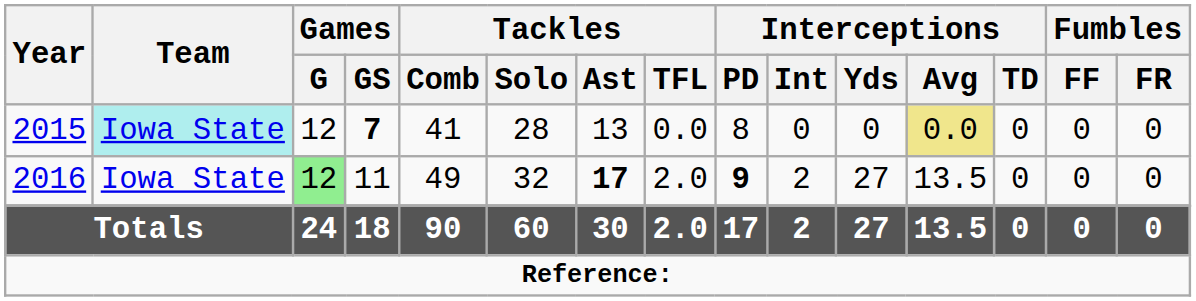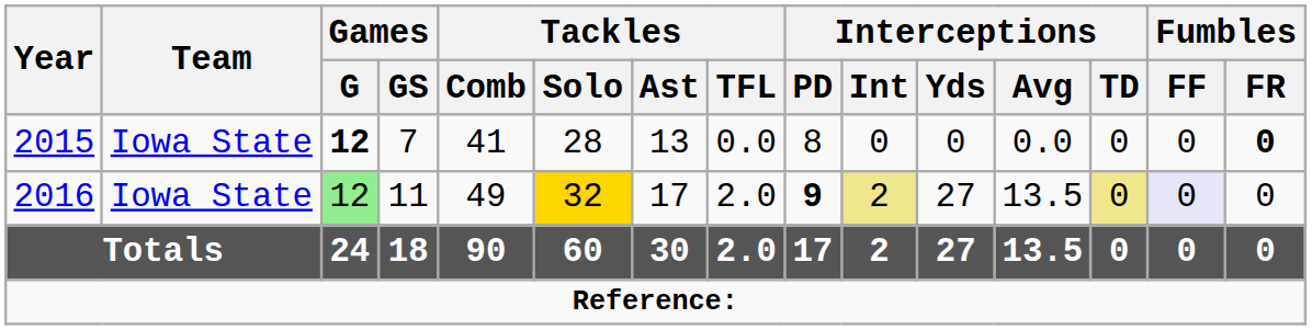 <table class="wikitable" style="text-align:center;">
 <tr>
 <th rowspan="2">Year</th>
 <th rowspan="2">Team</th>
 <th colspan="2">Games</th>
 <th colspan="4">Tackles</th>
 <th colspan="5">Interceptions</th>
 <th colspan="2">Fumbles</th>
 </tr>
 <tr>
 <th>G</th>
 <th>GS</th>
 <th>Comb</th>
 <th>Solo</th>
 <th>Ast</th>
 <th>TFL</th>
 <th>PD</th>
 <th>Int</th>
 <th>Yds</th>
 <th>Avg</th>
 <th>TD</th>
 <th>FF</th>
 <th>FR</th>
 </tr>
 <tr>
 <td><a href='#'>2015</a></td>
-<td style="background: paleturquoise;"><a href='#'>Iowa State</a></td>
-<td>12</td>
-<td><strong>7</strong></td>
+<td><a href='#'>Iowa State</a></td>
+<td><strong>12</strong></td>
+<td>7</td>
 <td>41</td>
 <td>28</td>
 <td>13</td>
 <td>0.0</td>
 <td>8</td>
 <td>0</td>
 <td>0</td>
-<td style="background: khaki;">0.0</td>
+<td>0.0</td>
 <td>0</td>
 <td>0</td>
-<td>0</td>
+<td><strong>0</strong></td>
 </tr>
 <tr>
 <td><a href='#'>2016</a></td>
 <td><a href='#'>Iowa State</a></td>
 <td style="background: lightgreen;">12</td>
 <td>11</td>
 <td>49</td>
-<td>32</td>
-<td><strong>17</strong></td>
+<td style="background: gold;">32</td>
+<td>17</td>
 <td>2.0</td>
 <td><strong>9</strong></td>
-<td>2</td>
+<td style="background: khaki;">2</td>
 <td>27</td>
 <td>13.5</td>
-<td>0</td>
-<td>0</td>
+<td style="background: khaki;">0</td>
+<td style="background: lavender;">0</td>
 <td>0</td>
 </tr>
 <tr>
 </tr>
 <tr style="background:#555; font-weight:bold; color:white;">
 <td colspan=2>Totals</td>
 <td>24</td>
 <td>18</td>
 <td>90</td>
 <td>60</td>
 <td>30</td>
 <td>2.0</td>
 <td>17</td>
 <td>2</td>
 <td>27</td>
 <td>13.5</td>
 <td>0</td>
 <td>0</td>
 <td>0</td>
 </tr>
 <tr>
 <td colspan="16"  style="font-size:8pt; text-align:center;"><strong>Reference:</strong></td>
 </tr>
 </table>
